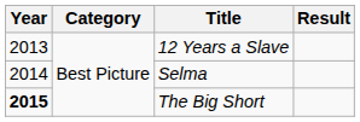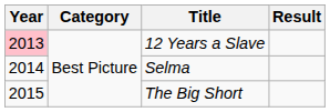 <table class="wikitable" style="font-size: 100%">
 <tr>
 <th>Year</th>
 <th>Category</th>
 <th>Title</th>
 <th>Result</th>
 </tr>
 <tr>
-<td style="text-align:center;">2013</td>
+<td style="background: pink; text-align:center;">2013</td>
 <td rowspan="3">Best Picture</td>
 <td><em>12 Years a Slave</em></td>
 <td></td>
 </tr>
 <tr>
 <td style="text-align:center;">2014</td>
 <td><em>Selma</em></td>
 <td></td>
 </tr>
 <tr>
-<td style="text-align:center;"><strong>2015</strong></td>
+<td style="text-align:center;">2015</td>
 <td><em>The Big Short</em></td>
 <td></td>
 </tr>
 </table>
